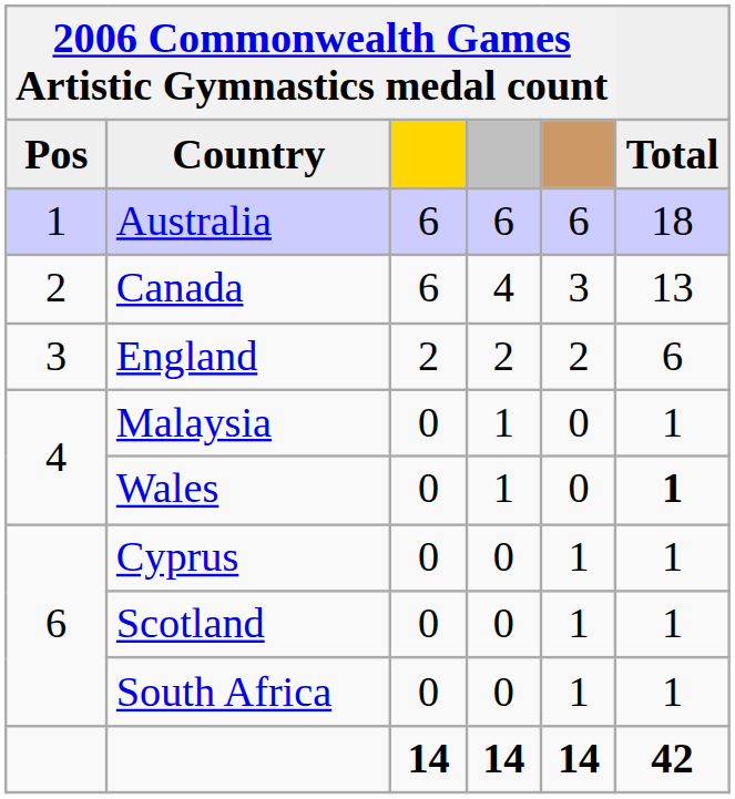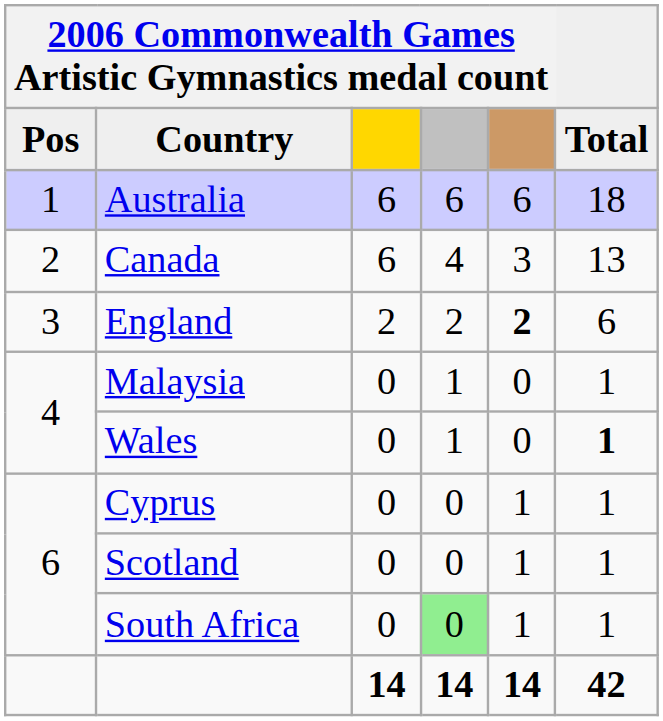 <table class="wikitable" style="text-align:center">
 <tr bgcolor="#efefef">
 <th colspan=5 style="border-right:0px;";><a href='#'>2006 Commonwealth Games</a> <br> Artistic Gymnastics medal count</th>
 <td style="border-left:0px";></td>
 </tr>
 <tr bgcolor="#efefef">
 <td><strong>Pos</strong></td>
 <td><strong>Country</strong></td>
 <td bgcolor="gold"></td>
 <td bgcolor="silver"></td>
 <td bgcolor="CC9966"></td>
 <td><strong>Total</strong></td>
 </tr>
 <tr style="background:#ccccff">
 <td>1</td>
 <td style="text-align:left"> <a href='#'>Australia</a></td>
 <td>6</td>
 <td>6</td>
 <td>6</td>
 <td>18</td>
 </tr>
 <tr>
 <td>2</td>
 <td style="text-align:left"> <a href='#'>Canada</a></td>
 <td>6</td>
 <td>4</td>
 <td>3</td>
 <td>13</td>
 </tr>
 <tr>
 <td>3</td>
 <td style="text-align:left"> <a href='#'>England</a></td>
 <td>2</td>
 <td>2</td>
-<td>2</td>
+<td><strong>2</strong></td>
 <td>6</td>
 </tr>
 <tr>
 <td rowspan="2">4</td>
 <td style="text-align:left"> <a href='#'>Malaysia</a></td>
 <td>0</td>
 <td>1</td>
 <td>0</td>
 <td>1</td>
 </tr>
 <tr>
 <td style="text-align:left"> <a href='#'>Wales</a></td>
 <td>0</td>
 <td>1</td>
 <td>0</td>
 <td><strong>1</strong></td>
 </tr>
 <tr>
 <td rowspan="3">6</td>
 <td style="text-align:left"> <a href='#'>Cyprus</a></td>
 <td>0</td>
 <td>0</td>
 <td>1</td>
 <td>1</td>
 </tr>
 <tr>
 <td style="text-align:left"> <a href='#'>Scotland</a></td>
 <td>0</td>
 <td>0</td>
 <td>1</td>
 <td>1</td>
 </tr>
 <tr>
 <td style="text-align:left"> <a href='#'>South Africa</a></td>
 <td>0</td>
-<td>0</td>
+<td style="background: lightgreen;">0</td>
 <td>1</td>
 <td>1</td>
 </tr>
 <tr>
 <td></td>
 <td></td>
 <td><strong>14</strong></td>
 <td><strong>14</strong></td>
 <td><strong>14</strong></td>
 <td><strong>42</strong></td>
 </tr>
 </table>
